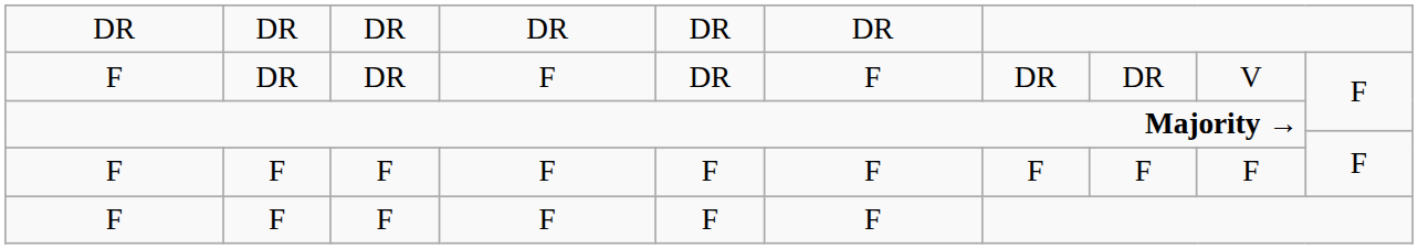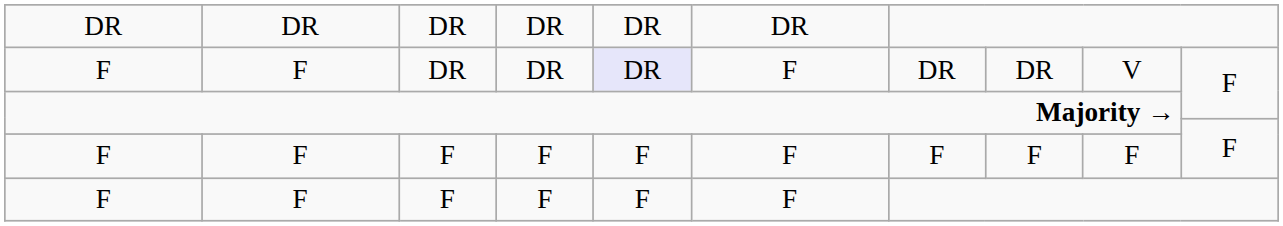 <table class="wikitable" style="text-align:center" width=750px>
 <tr>
 <td>DR</td>
 <td>DR</td>
 <td>DR</td>
 <td>DR</td>
 <td>DR</td>
 <td>DR</td>
 </tr>
 <tr>
 <td>F</td>
-<td width=50px >DR</td>
-<td width=50px >DR<br></td>
 <td>F</td>
 <td width=50px >DR<br></td>
+<td width=50px >DR<br></td>
+<td width=50px  style="background: lavender;">DR<br></td>
 <td>F</td>
 <td width=50px >DR<br></td>
 <td width=50px >DR<br></td>
 <td width=50px >V<br></td>
 <td rowspan=2 width=50px >F<br></td>
 </tr>
 <tr style="height:1em">
 <td rowspan=2 colspan=9 style="text-align:right"><strong>Majority →</strong></td>
 </tr>
 <tr>
 <td rowspan=2 >F<br></td>
 </tr>
 <tr>
 <td>F</td>
 <td>F</td>
 <td>F</td>
 <td>F</td>
 <td>F</td>
 <td>F</td>
 <td>F</td>
 <td>F</td>
 <td>F<br></td>
 </tr>
 <tr>
 <td>F</td>
 <td>F</td>
 <td>F</td>
 <td>F</td>
 <td>F</td>
 <td>F</td>
 </tr>
 </table>
